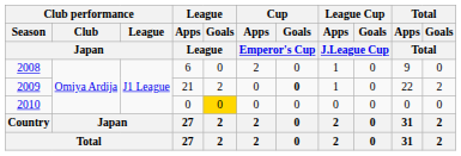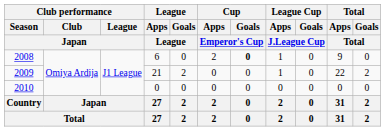 <table class="wikitable" style="text-align:center;">
 <tr>
 <th colspan=3>Club performance</th>
 <th colspan=2>League</th>
 <th colspan=2>Cup</th>
 <th colspan=2>League Cup</th>
 <th colspan=2>Total</th>
 </tr>
 <tr>
 <th>Season</th>
 <th>Club</th>
 <th>League</th>
 <th>Apps</th>
 <th>Goals</th>
 <th>Apps</th>
 <th>Goals</th>
 <th>Apps</th>
 <th>Goals</th>
 <th>Apps</th>
 <th>Goals</th>
 </tr>
 <tr>
 <th colspan=3>Japan</th>
 <th colspan=2>League</th>
 <th colspan=2><a href='#'>Emperor's Cup</a></th>
 <th colspan=2><a href='#'>J.League Cup</a></th>
 <th colspan=2>Total</th>
 </tr>
 <tr>
 <td><a href='#'>2008</a></td>
 <td rowspan="3"><a href='#'>Omiya Ardija</a></td>
 <td rowspan="3"><a href='#'>J1 League</a></td>
 <td>6</td>
 <td>0</td>
 <td>2</td>
-<td>0</td>
+<td><strong>0</strong></td>
 <td>1</td>
 <td>0</td>
 <td>9</td>
 <td>0</td>
 </tr>
 <tr>
 <td><a href='#'>2009</a></td>
 <td>21</td>
 <td>2</td>
 <td>0</td>
-<td><strong>0</strong></td>
+<td>0</td>
 <td>1</td>
 <td>0</td>
 <td>22</td>
 <td>2</td>
 </tr>
 <tr>
 <td><a href='#'>2010</a></td>
 <td>0</td>
-<td style="background: gold;">0</td>
+<td>0</td>
 <td>0</td>
 <td>0</td>
 <td>0</td>
 <td>0</td>
 <td>0</td>
 <td>0</td>
 </tr>
 <tr>
 <th rowspan=1>Country</th>
 <th colspan=2>Japan</th>
 <th>27</th>
 <th>2</th>
 <th>2</th>
 <th>0</th>
 <th>2</th>
 <th>0</th>
 <th>31</th>
 <th>2</th>
 </tr>
 <tr>
 <th colspan=3>Total</th>
 <th>27</th>
 <th>2</th>
 <th>2</th>
 <th>0</th>
 <th>2</th>
 <th>0</th>
 <th>31</th>
 <th>2</th>
 </tr>
 </table>
